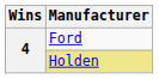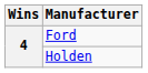 <table class="wikitable" style="font-size: 95%;">
 <tr>
 <th>Wins</th>
 <th>Manufacturer</th>
 </tr>
 <tr>
 <th rowspan="2">4</th>
 <td><a href='#'>Ford</a></td>
 </tr>
 <tr>
-<td style="background: khaki;"><a href='#'>Holden</a></td>
+<td><a href='#'>Holden</a></td>
 </tr>
 </table>
